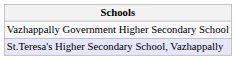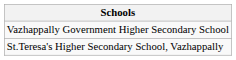 <table class="wikitable">
 <tr>
 <th><strong>Schools</strong></th>
 </tr>
 <tr>
 <td>Vazhappally Government Higher Secondary School</td>
 </tr>
 <tr>
-<td style="background: lavender;">St.Teresa's Higher Secondary School, Vazhappally</td>
+<td>St.Teresa's Higher Secondary School, Vazhappally</td>
 </tr>
 </table>
